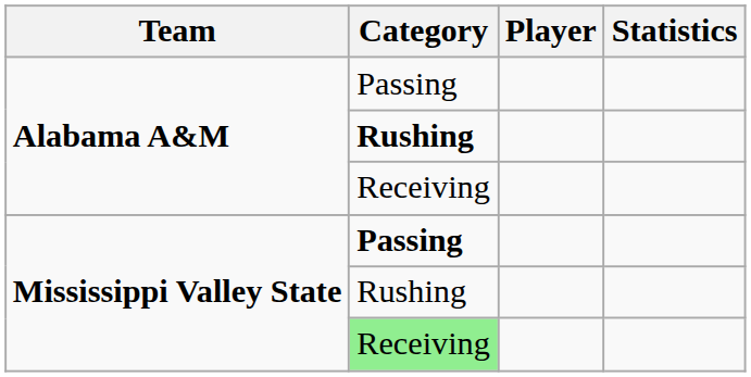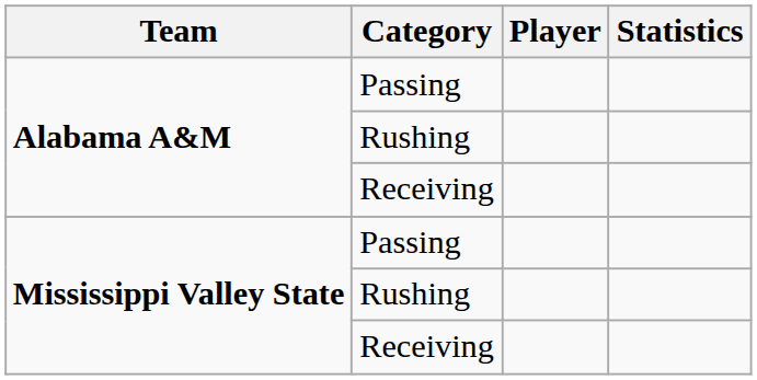 <table class="wikitable" style="float: right;">
 <tr>
 <th>Team</th>
 <th>Category</th>
 <th>Player</th>
 <th>Statistics</th>
 </tr>
 <tr>
 <td rowspan=3><strong>Alabama A&M</strong></td>
 <td>Passing</td>
 <td></td>
 <td></td>
 </tr>
 <tr>
-<td><strong>Rushing</strong></td>
+<td>Rushing</td>
 <td></td>
 <td></td>
 </tr>
 <tr>
 <td>Receiving</td>
 <td></td>
 <td></td>
 </tr>
 <tr>
 <td rowspan=3><strong>Mississippi Valley State</strong></td>
-<td><strong>Passing</strong></td>
+<td>Passing</td>
 <td></td>
 <td></td>
 </tr>
 <tr>
 <td>Rushing</td>
 <td></td>
 <td></td>
 </tr>
 <tr>
-<td style="background: lightgreen;">Receiving</td>
+<td>Receiving</td>
 <td></td>
 <td></td>
 </tr>
 </table>
